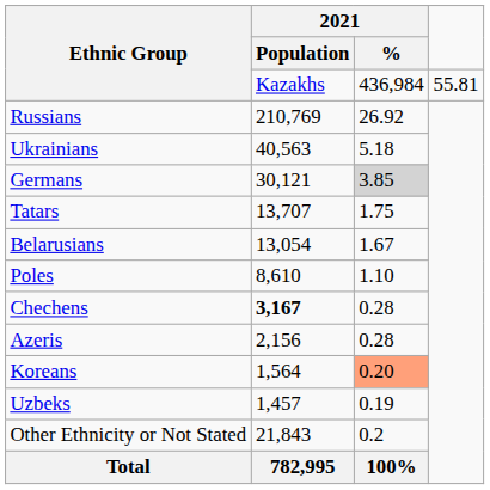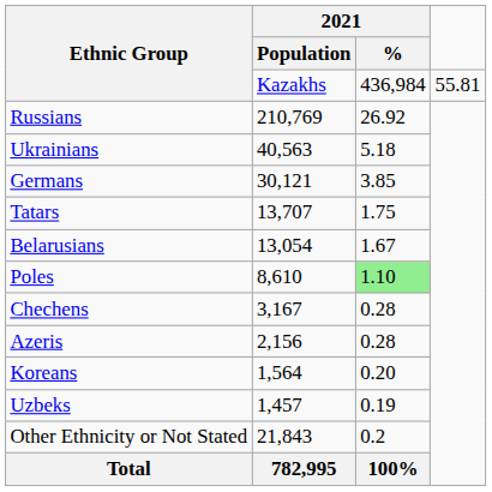 <table class="wikitable sortable">
 <tr>
 <th rowspan="3">Ethnic Group</th>
 <th colspan="2">2021</th>
 </tr>
 <tr>
 <th>Population</th>
 <th>%</th>
 </tr>
 <tr>
 <td><a href='#'>Kazakhs</a></td>
 <td>436,984</td>
 <td>55.81</td>
 </tr>
 <tr>
 <td><a href='#'>Russians</a></td>
 <td>210,769</td>
 <td>26.92</td>
 </tr>
 <tr>
 <td><a href='#'>Ukrainians</a></td>
 <td>40,563</td>
 <td>5.18</td>
 </tr>
 <tr>
 <td><a href='#'>Germans</a></td>
 <td>30,121</td>
-<td style="background: lightgrey;">3.85</td>
+<td>3.85</td>
 </tr>
 <tr>
 <td><a href='#'>Tatars</a></td>
 <td>13,707</td>
 <td>1.75</td>
 </tr>
 <tr>
 <td><a href='#'>Belarusians</a></td>
 <td>13,054</td>
 <td>1.67</td>
 </tr>
 <tr>
 <td><a href='#'>Poles</a></td>
 <td>8,610</td>
-<td>1.10</td>
+<td style="background: lightgreen;">1.10</td>
 </tr>
 <tr>
 <td><a href='#'>Chechens</a></td>
-<td><strong>3,167</strong></td>
+<td>3,167</td>
 <td>0.28</td>
 </tr>
 <tr>
 <td><a href='#'>Azeris</a></td>
 <td>2,156</td>
 <td>0.28</td>
 </tr>
 <tr>
 <td><a href='#'>Koreans</a></td>
 <td>1,564</td>
-<td style="background: lightsalmon;">0.20</td>
+<td>0.20</td>
 </tr>
 <tr>
 <td><a href='#'>Uzbeks</a></td>
 <td>1,457</td>
 <td>0.19</td>
 </tr>
 <tr>
 <td>Other Ethnicity or Not Stated</td>
 <td>21,843</td>
 <td>0.2</td>
 </tr>
 <tr>
 <th>Total</th>
 <th>782,995</th>
 <th>100%</th>
 </tr>
 </table>
